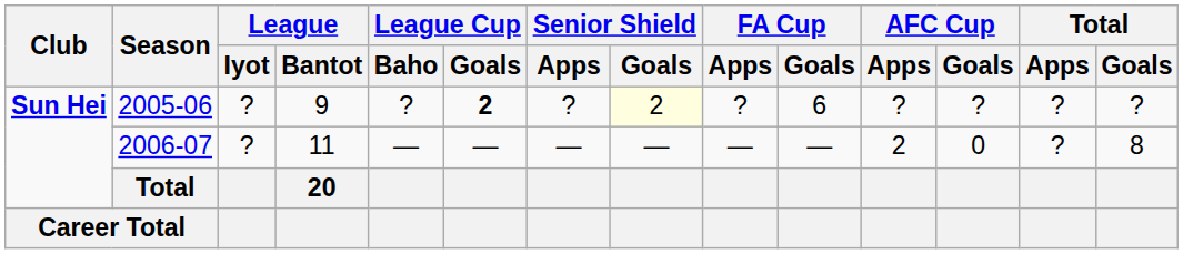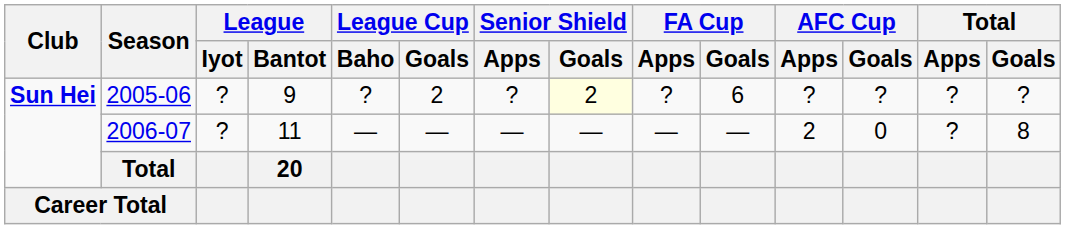 <table class="wikitable" style="text-align: center;">
 <tr>
 <th rowspan="2">Club</th>
 <th rowspan="2">Season</th>
 <th colspan="2"><a href='#'>League</a></th>
 <th colspan="2"><a href='#'>League Cup</a></th>
 <th colspan="2"><a href='#'>Senior Shield</a></th>
 <th colspan="2"><a href='#'>FA Cup</a></th>
 <th colspan="2"><a href='#'>AFC Cup</a></th>
 <th colspan="2">Total</th>
 </tr>
 <tr>
 <th>Iyot</th>
 <th>Bantot</th>
 <th>Baho</th>
 <th>Goals</th>
 <th>Apps</th>
 <th>Goals</th>
 <th>Apps</th>
 <th>Goals</th>
 <th>Apps</th>
 <th>Goals</th>
 <th>Apps</th>
 <th>Goals</th>
 </tr>
 <tr>
 <td rowspan="3" valign="top"><strong><a href='#'>Sun Hei</a></strong></td>
 <td><a href='#'>2005-06</a></td>
 <td>?</td>
 <td>9</td>
 <td>?</td>
-<td><strong>2</strong></td>
+<td>2</td>
 <td>?</td>
 <td style="background: lightyellow;">2</td>
 <td>?</td>
 <td>6</td>
 <td>?</td>
 <td>?</td>
 <td>?</td>
 <td>?</td>
 </tr>
 <tr>
 <td><a href='#'>2006-07</a></td>
 <td>?</td>
 <td>11</td>
 <td>—</td>
 <td>—</td>
 <td>—</td>
 <td>—</td>
 <td>—</td>
 <td>—</td>
 <td>2</td>
 <td>0</td>
 <td>?</td>
 <td>8</td>
 </tr>
 <tr>
 <th>Total</th>
 <th></th>
 <th>20</th>
 <th></th>
 <th></th>
 <th></th>
 <th></th>
 <th></th>
 <th></th>
 <th></th>
 <th></th>
 <th></th>
 <th></th>
 </tr>
 <tr>
 <th colspan="2">Career Total</th>
 <th></th>
 <th></th>
 <th></th>
 <th></th>
 <th></th>
 <th></th>
 <th></th>
 <th></th>
 <th></th>
 <th></th>
 <th></th>
 <th></th>
 </tr>
 </table>
